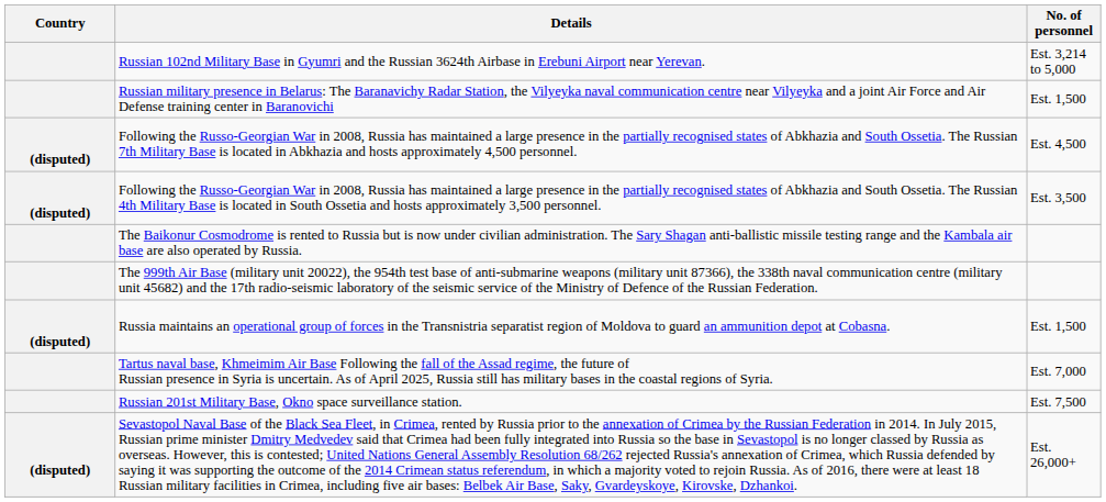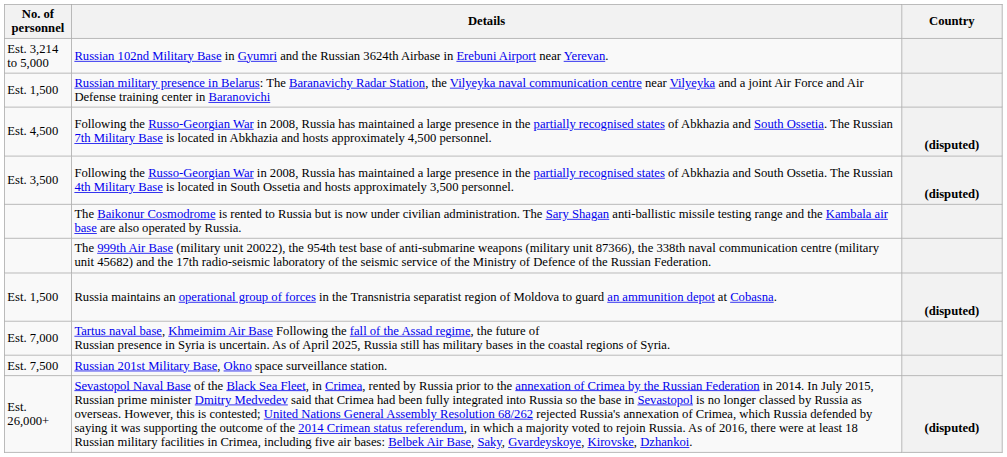 <table class="wikitable" style="margin:auto;">
 <tr>
+<th>No. of personnel</th>
+<th>Details</th>
 <th width=120>Country</th>
-<th>Details</th>
-<th>No. of personnel</th>
 </tr>
 <tr>
+<td>Est. 3,214 to 5,000</td>
+<td><a href='#'>Russian 102nd Military Base</a> in <a href='#'>Gyumri</a> and the Russian 3624th Airbase in <a href='#'>Erebuni Airport</a> near <a href='#'>Yerevan</a>.</td>
 <th></th>
-<td><a href='#'>Russian 102nd Military Base</a> in <a href='#'>Gyumri</a> and the Russian 3624th Airbase in <a href='#'>Erebuni Airport</a> near <a href='#'>Yerevan</a>.</td>
-<td>Est. 3,214 to 5,000</td>
 </tr>
 <tr>
+<td>Est. 1,500</td>
+<td><a href='#'>Russian military presence in Belarus</a>: The <a href='#'>Baranavichy Radar Station</a>, the <a href='#'>Vilyeyka naval communication centre</a> near <a href='#'>Vilyeyka</a> and a joint Air Force and Air Defense training center in <a href='#'>Baranovichi</a></td>
 <th></th>
-<td><a href='#'>Russian military presence in Belarus</a>: The <a href='#'>Baranavichy Radar Station</a>, the <a href='#'>Vilyeyka naval communication centre</a> near <a href='#'>Vilyeyka</a> and a joint Air Force and Air Defense training center in <a href='#'>Baranovichi</a></td>
-<td>Est. 1,500</td>
 </tr>
 <tr>
+<td>Est. 4,500</td>
+<td>Following the <a href='#'>Russo-Georgian War</a> in 2008, Russia has maintained a large presence in the <a href='#'>partially recognised states</a> of Abkhazia and <a href='#'>South Ossetia</a>. The Russian <a href='#'>7th Military Base</a> is located in Abkhazia and hosts approximately 4,500 personnel.</td>
 <th><br><br>(disputed)</th>
-<td>Following the <a href='#'>Russo-Georgian War</a> in 2008, Russia has maintained a large presence in the <a href='#'>partially recognised states</a> of Abkhazia and <a href='#'>South Ossetia</a>. The Russian <a href='#'>7th Military Base</a> is located in Abkhazia and hosts approximately 4,500 personnel.</td>
-<td>Est. 4,500</td>
 </tr>
 <tr>
+<td>Est. 3,500</td>
+<td>Following the <a href='#'>Russo-Georgian War</a> in 2008, Russia has maintained a large presence in the <a href='#'>partially recognised states</a> of Abkhazia and South Ossetia. The Russian <a href='#'>4th Military Base</a> is located in South Ossetia and hosts approximately 3,500 personnel.</td>
 <th><br><br>(disputed)</th>
-<td>Following the <a href='#'>Russo-Georgian War</a> in 2008, Russia has maintained a large presence in the <a href='#'>partially recognised states</a> of Abkhazia and South Ossetia. The Russian <a href='#'>4th Military Base</a> is located in South Ossetia and hosts approximately 3,500 personnel.</td>
-<td>Est. 3,500</td>
 </tr>
 <tr>
+<td></td>
+<td>The <a href='#'>Baikonur Cosmodrome</a> is rented to Russia but is now under civilian administration. The <a href='#'>Sary Shagan</a> anti-ballistic missile testing range and the <a href='#'>Kambala air base</a> are also operated by Russia.</td>
 <th></th>
-<td>The <a href='#'>Baikonur Cosmodrome</a> is rented to Russia but is now under civilian administration. The <a href='#'>Sary Shagan</a> anti-ballistic missile testing range and the <a href='#'>Kambala air base</a> are also operated by Russia.</td>
-<td></td>
 </tr>
 <tr>
+<td></td>
+<td>The <a href='#'>999th Air Base</a> (military unit 20022), the 954th test base of anti-submarine weapons (military unit 87366), the 338th naval communication centre (military unit 45682) and the 17th radio-seismic laboratory of the seismic service of the Ministry of Defence of the Russian Federation.</td>
 <th></th>
-<td>The <a href='#'>999th Air Base</a> (military unit 20022), the 954th test base of anti-submarine weapons (military unit 87366), the 338th naval communication centre (military unit 45682) and the 17th radio-seismic laboratory of the seismic service of the Ministry of Defence of the Russian Federation.</td>
-<td></td>
 </tr>
 <tr>
+<td>Est. 1,500</td>
+<td>Russia maintains an <a href='#'>operational group of forces</a> in the Transnistria separatist region of Moldova to guard <a href='#'>an ammunition depot</a> at <a href='#'>Cobasna</a>.</td>
 <th><br><br>(disputed)</th>
-<td>Russia maintains an <a href='#'>operational group of forces</a> in the Transnistria separatist region of Moldova to guard <a href='#'>an ammunition depot</a> at <a href='#'>Cobasna</a>.</td>
-<td>Est. 1,500</td>
 </tr>
 <tr>
+<td>Est. 7,000</td>
+<td><a href='#'>Tartus naval base</a>, <a href='#'>Khmeimim Air Base</a> Following the <a href='#'>fall of the Assad regime</a>, the future of<br>Russian presence in Syria is uncertain. As of April 2025, Russia still has military bases in the coastal regions of Syria. </td>
 <th></th>
-<td><a href='#'>Tartus naval base</a>, <a href='#'>Khmeimim Air Base</a> Following the <a href='#'>fall of the Assad regime</a>, the future of<br>Russian presence in Syria is uncertain. As of April 2025, Russia still has military bases in the coastal regions of Syria. </td>
-<td>Est. 7,000</td>
 </tr>
 <tr>
+<td>Est. 7,500</td>
+<td><a href='#'>Russian 201st Military Base</a>, <a href='#'>Okno</a> space surveillance station.</td>
 <th></th>
-<td><a href='#'>Russian 201st Military Base</a>, <a href='#'>Okno</a> space surveillance station.</td>
-<td>Est. 7,500</td>
 </tr>
 <tr>
+<td>Est. 26,000+</td>
+<td><a href='#'>Sevastopol Naval Base</a> of the <a href='#'>Black Sea Fleet</a>, in <a href='#'>Crimea</a>, rented by Russia prior to the <a href='#'>annexation of Crimea by the Russian Federation</a> in 2014. In July 2015, Russian prime minister <a href='#'>Dmitry Medvedev</a> said that Crimea had been fully integrated into Russia so the base in <a href='#'>Sevastopol</a> is no longer classed by Russia as overseas. However, this is contested; <a href='#'>United Nations General Assembly Resolution 68/262</a> rejected Russia's annexation of Crimea, which Russia defended by saying it was supporting the outcome of the <a href='#'>2014 Crimean status referendum</a>, in which a majority voted to rejoin Russia. As of 2016, there were at least 18 Russian military facilities in Crimea, including five air bases: <a href='#'>Belbek Air Base</a>, <a href='#'>Saky</a>, <a href='#'>Gvardeyskoye</a>, <a href='#'>Kirovske</a>, <a href='#'>Dzhankoi</a>.</td>
 <th><br><br>(disputed)</th>
-<td><a href='#'>Sevastopol Naval Base</a> of the <a href='#'>Black Sea Fleet</a>, in <a href='#'>Crimea</a>, rented by Russia prior to the <a href='#'>annexation of Crimea by the Russian Federation</a> in 2014. In July 2015, Russian prime minister <a href='#'>Dmitry Medvedev</a> said that Crimea had been fully integrated into Russia so the base in <a href='#'>Sevastopol</a> is no longer classed by Russia as overseas. However, this is contested; <a href='#'>United Nations General Assembly Resolution 68/262</a> rejected Russia's annexation of Crimea, which Russia defended by saying it was supporting the outcome of the <a href='#'>2014 Crimean status referendum</a>, in which a majority voted to rejoin Russia. As of 2016, there were at least 18 Russian military facilities in Crimea, including five air bases: <a href='#'>Belbek Air Base</a>, <a href='#'>Saky</a>, <a href='#'>Gvardeyskoye</a>, <a href='#'>Kirovske</a>, <a href='#'>Dzhankoi</a>.</td>
-<td>Est. 26,000+</td>
 </tr>
 </table>
